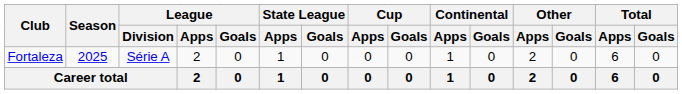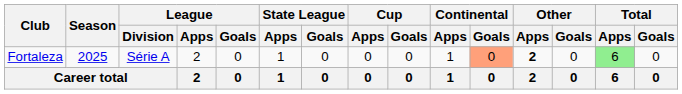 <table class="wikitable" style="text-align: center;">
 <tr>
 <th rowspan="2">Club</th>
 <th rowspan="2">Season</th>
 <th colspan="3">League</th>
 <th colspan="2">State League</th>
 <th colspan="2">Cup</th>
 <th colspan="2">Continental</th>
 <th colspan="2">Other</th>
 <th colspan="2">Total</th>
 </tr>
 <tr>
 <th>Division</th>
 <th>Apps</th>
 <th>Goals</th>
 <th>Apps</th>
 <th>Goals</th>
 <th>Apps</th>
 <th>Goals</th>
 <th>Apps</th>
 <th>Goals</th>
 <th>Apps</th>
 <th>Goals</th>
 <th>Apps</th>
 <th>Goals</th>
 </tr>
 <tr>
 <td valign="center"><a href='#'>Fortaleza</a></td>
 <td><a href='#'>2025</a></td>
 <td><a href='#'>Série A</a></td>
 <td>2</td>
 <td>0</td>
 <td>1</td>
 <td>0</td>
 <td>0</td>
 <td>0</td>
 <td>1</td>
+<td style="background: lightsalmon;">0</td>
+<td><strong>2</strong></td>
 <td>0</td>
-<td>2</td>
-<td>0</td>
-<td>6</td>
+<td style="background: lightgreen;">6</td>
 <td>0</td>
 </tr>
 <tr>
 <th colspan="3"><strong>Career total</strong></th>
 <th>2</th>
 <th>0</th>
 <th>1</th>
 <th>0</th>
 <th>0</th>
 <th>0</th>
 <th>1</th>
 <th>0</th>
 <th>2</th>
 <th>0</th>
 <th>6</th>
 <th>0</th>
 </tr>
 </table>
